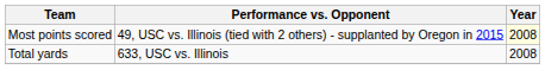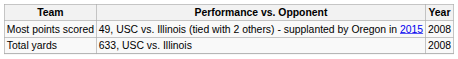 <table class="wikitable">
 <tr>
 <th>Team</th>
 <th>Performance vs. Opponent</th>
 <th>Year</th>
 </tr>
 <tr>
 <td>Most points scored</td>
 <td>49, USC vs. Illinois (tied with 2 others) - supplanted by Oregon in <a href='#'>2015</a></td>
-<td style="background: lightyellow;">2008</td>
+<td>2008</td>
 </tr>
 <tr>
 <td>Total yards</td>
 <td>633, USC vs. Illinois</td>
 <td>2008</td>
 </tr>
 <tr>
 </tr>
 </table>
